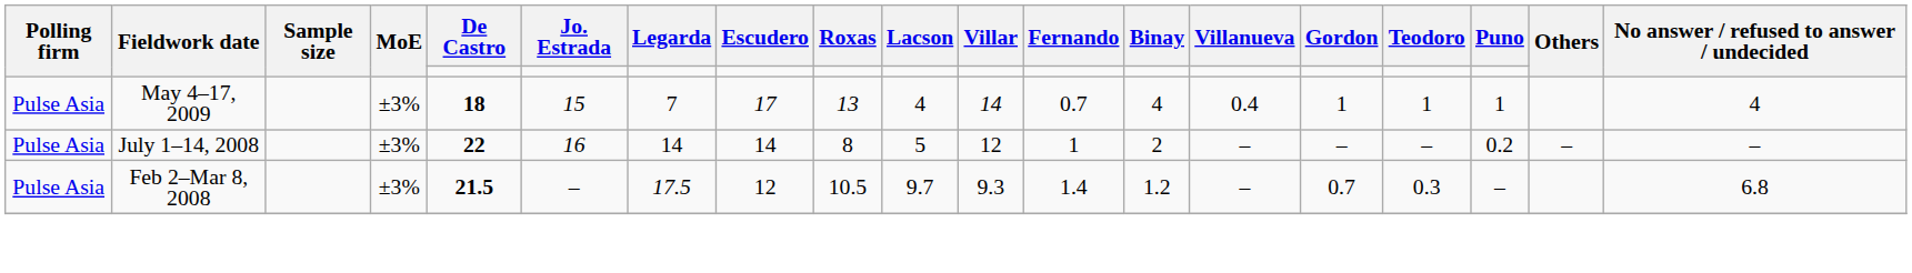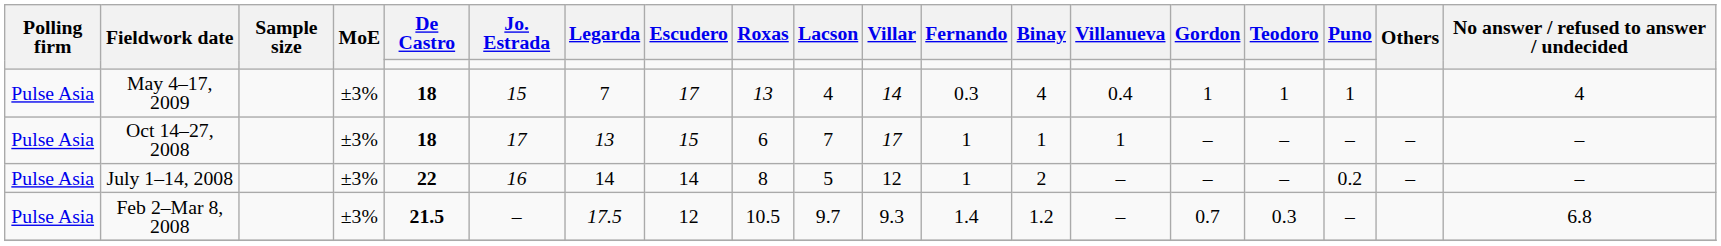 <table class="wikitable" style="text-align:center;font-size:90%;line-height:14px;">
 <tr style="height:40px;">
 <th rowspan="2">Polling firm</th>
 <th rowspan="2">Fieldwork date</th>
 <th rowspan="2">Sample size</th>
 <th rowspan="2"><abbr>MoE</abbr></th>
 <th><a href='#'>De Castro</a><br></th>
 <th><a href='#'>Jo. Estrada</a><br></th>
 <th><a href='#'>Legarda</a><br></th>
 <th><a href='#'>Escudero</a><br></th>
 <th><a href='#'>Roxas</a><br></th>
 <th><a href='#'>Lacson</a><br></th>
 <th><a href='#'>Villar</a><br></th>
 <th><a href='#'>Fernando</a><br></th>
 <th><a href='#'>Binay</a><br></th>
 <th><a href='#'>Villanueva</a><br></th>
 <th><a href='#'>Gordon</a><br></th>
 <th><a href='#'>Teodoro</a><br></th>
 <th><a href='#'>Puno</a><br></th>
 <th rowspan="2">Others</th>
 <th rowspan="2">No answer / refused to answer / undecided</th>
 </tr>
 <tr>
 <td></td>
 <td></td>
 <td></td>
 <td></td>
 <td></td>
 <td></td>
 <td></td>
 <td></td>
 <td></td>
 <td></td>
 <td></td>
 <td></td>
 <td></td>
 </tr>
 <tr>
 <td><a href='#'>Pulse Asia</a></td>
 <td>May 4–17, 2009</td>
 <td></td>
 <td>±3%</td>
 <td style="background-color:#"><strong>18</strong></td>
 <td style="background-color:#"><em>15</em></td>
 <td>7</td>
 <td style="background-color:#"><em>17</em></td>
 <td style="background-color:#"><em>13</em></td>
 <td>4</td>
 <td style="background-color:#"><em>14</em></td>
-<td>0.7</td>
+<td>0.3</td>
 <td>4</td>
 <td>0.4</td>
 <td>1</td>
 <td>1</td>
 <td>1</td>
 <td></td>
 <td>4</td>
+</tr>
+<tr>
+<td><a href='#'>Pulse Asia</a></td>
+<td>Oct 14–27, 2008</td>
+<td></td>
+<td>±3%</td>
+<td style="background-color:#"><strong>18</strong></td>
+<td style="background-color:#"><em>17</em></td>
+<td style="background-color:#"><em>13</em></td>
+<td style="background-color:#"><em>15</em></td>
+<td>6</td>
+<td>7</td>
+<td style="background-color:#"><em>17</em></td>
+<td>1</td>
+<td>1</td>
+<td>1</td>
+<td>–</td>
+<td>–</td>
+<td>–</td>
+<td>–</td>
+<td>–</td>
 </tr>
 <tr>
 <td><a href='#'>Pulse Asia</a></td>
 <td>July 1–14, 2008</td>
 <td></td>
 <td>±3%</td>
 <td style="background-color:#"><strong>22</strong></td>
 <td style="background-color:#"><em>16</em></td>
 <td>14</td>
 <td>14</td>
 <td>8</td>
 <td>5</td>
 <td>12</td>
 <td>1</td>
 <td>2</td>
 <td>–</td>
 <td>–</td>
 <td>–</td>
 <td>0.2</td>
 <td>–</td>
 <td>–</td>
 </tr>
 <tr>
 <td><a href='#'>Pulse Asia</a></td>
 <td>Feb 2–Mar 8, 2008</td>
 <td></td>
 <td>±3%</td>
 <td style="background-color:#"><strong>21.5</strong></td>
 <td>–</td>
 <td style="background-color:#"><em>17.5</em></td>
 <td>12</td>
 <td>10.5</td>
 <td>9.7</td>
 <td>9.3</td>
 <td>1.4</td>
 <td>1.2</td>
 <td>–</td>
 <td>0.7</td>
 <td>0.3</td>
 <td>–</td>
 <td></td>
 <td>6.8</td>
 </tr>
 <tr>
 </tr>
 </table>
